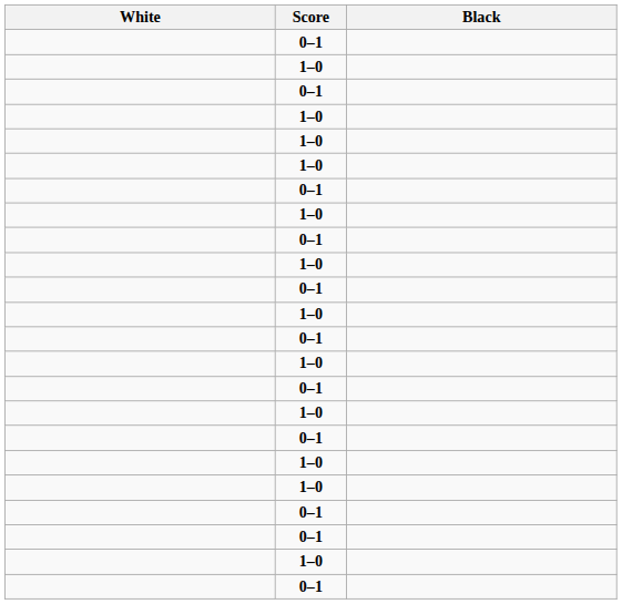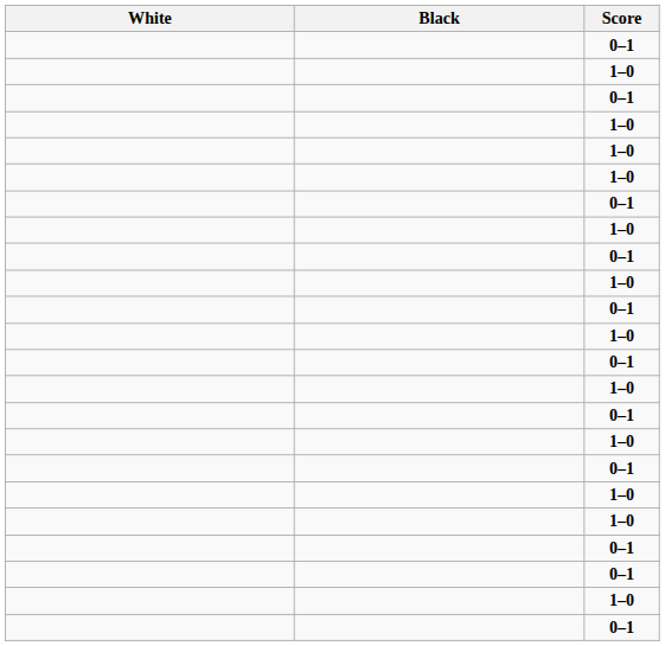 <table class="wikitable" style="text-align: center;">
 <tr>
 <th align="right" width="270">White</th>
+<th align="left" width="270">Black</th>
 <th width="65">Score</th>
-<th align="left" width="270">Black</th>
 </tr>
 <tr>
 <td align=left></td>
+<td align=left><strong></strong></td>
 <td align=center><strong>0–1</strong></td>
-<td align=left><strong></strong></td>
 </tr>
 <tr>
 <td align=left><strong></strong></td>
+<td align=left></td>
 <td align=center><strong>1–0</strong></td>
-<td align=left></td>
 </tr>
 <tr>
 <td align=left></td>
+<td align=left><strong></strong></td>
 <td align=center><strong>0–1</strong></td>
-<td align=left><strong></strong></td>
 </tr>
 <tr>
 <td align=left><strong></strong></td>
+<td align=left></td>
 <td align=center><strong>1–0</strong></td>
-<td align=left></td>
 </tr>
 <tr>
 <td align=left><strong></strong></td>
+<td align=left></td>
 <td align=center><strong>1–0</strong></td>
-<td align=left></td>
 </tr>
 <tr>
 <td align=left><strong></strong></td>
+<td align=left></td>
 <td align=center><strong>1–0</strong></td>
-<td align=left></td>
 </tr>
 <tr>
 <td align=left></td>
+<td align=left><strong></strong></td>
 <td align=center><strong>0–1</strong></td>
-<td align=left><strong></strong></td>
 </tr>
 <tr>
 <td align=left><strong></strong></td>
+<td align=left></td>
 <td align=center><strong>1–0</strong></td>
-<td align=left></td>
 </tr>
 <tr>
 <td align=left></td>
+<td align=left><strong></strong></td>
 <td align=center><strong>0–1</strong></td>
-<td align=left><strong></strong></td>
 </tr>
 <tr>
 <td align=left><strong></strong></td>
+<td align=left></td>
 <td align=center><strong>1–0</strong></td>
-<td align=left></td>
 </tr>
 <tr>
 <td align=left></td>
+<td align=left><strong></strong></td>
 <td align=center><strong>0–1</strong></td>
-<td align=left><strong></strong></td>
 </tr>
 <tr>
 <td align=left><strong></strong></td>
+<td align=left></td>
 <td align=center><strong>1–0</strong></td>
-<td align=left></td>
 </tr>
 <tr>
 <td align=left></td>
+<td align=left><strong></strong></td>
 <td align=center><strong>0–1</strong></td>
-<td align=left><strong></strong></td>
 </tr>
 <tr>
 <td align=left><strong></strong></td>
+<td align=left></td>
 <td align=center><strong>1–0</strong></td>
-<td align=left></td>
 </tr>
 <tr>
 <td align=left></td>
+<td align=left><strong></strong></td>
 <td align=center><strong>0–1</strong></td>
-<td align=left><strong></strong></td>
 </tr>
 <tr>
 <td align=left><strong></strong></td>
+<td align=left></td>
 <td align=center><strong>1–0</strong></td>
-<td align=left></td>
 </tr>
 <tr>
 <td align=left></td>
+<td align=left><strong></strong></td>
 <td align=center><strong>0–1</strong></td>
-<td align=left><strong></strong></td>
 </tr>
 <tr>
 <td align=left><strong></strong></td>
+<td align=left></td>
 <td align=center><strong>1–0</strong></td>
-<td align=left></td>
 </tr>
 <tr>
 <td align=left><strong></strong></td>
+<td align=left></td>
 <td align=center><strong>1–0</strong></td>
-<td align=left></td>
 </tr>
 <tr>
 <td align=left></td>
+<td align=left><strong></strong></td>
 <td align=center><strong>0–1</strong></td>
-<td align=left><strong></strong></td>
 </tr>
 <tr>
 <td align=left></td>
+<td align=left><strong></strong></td>
 <td align=center><strong>0–1</strong></td>
-<td align=left><strong></strong></td>
 </tr>
 <tr>
 <td align=left><strong></strong></td>
+<td align=left></td>
 <td align=center><strong>1–0</strong></td>
-<td align=left></td>
 </tr>
 <tr>
 <td align=left></td>
+<td align=left><strong></strong></td>
 <td align=center><strong>0–1</strong></td>
-<td align=left><strong></strong></td>
 </tr>
 </table>
